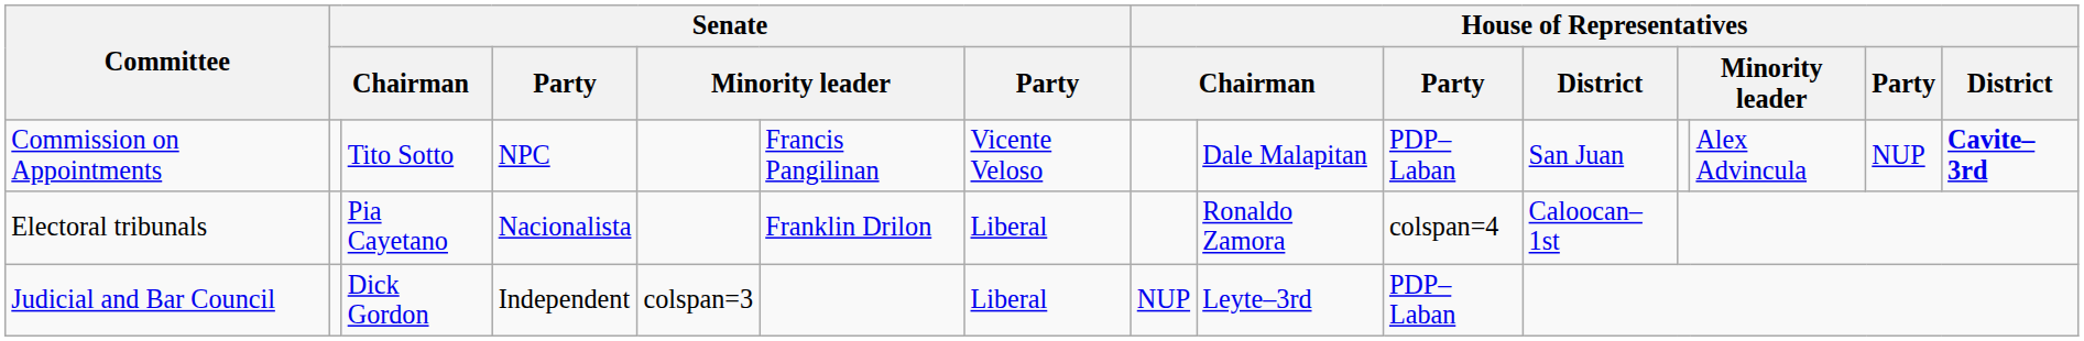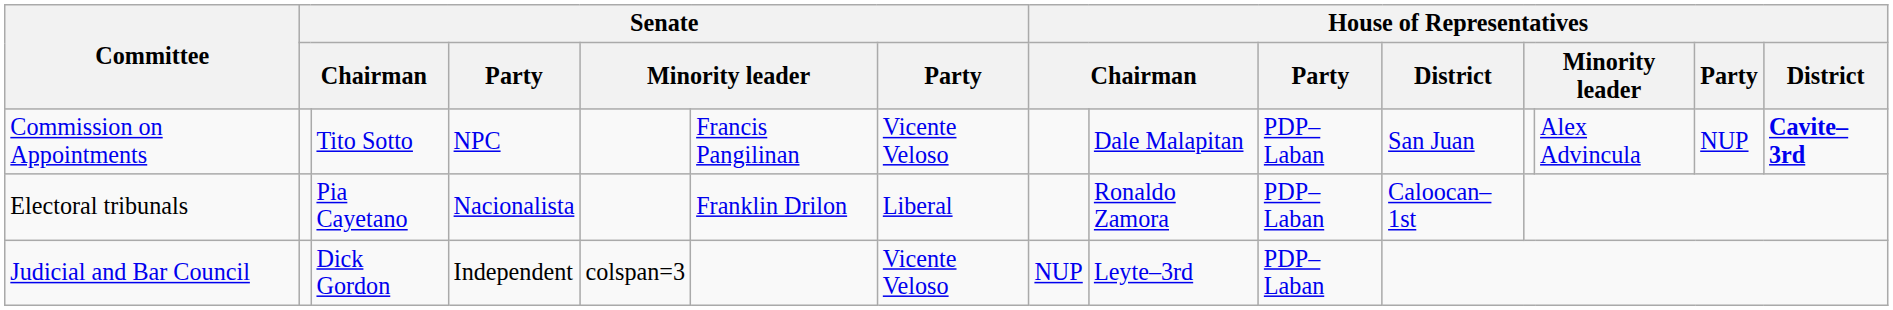 <table class=wikitable>
 <tr>
 <th rowspan=2>Committee</th>
 <th colspan=6>Senate</th>
 <th colspan=8>House of Representatives</th>
 </tr>
 <tr>
 <th colspan=2>Chairman</th>
 <th>Party</th>
 <th colspan=2>Minority leader</th>
 <th>Party</th>
 <th colspan=2>Chairman</th>
 <th>Party</th>
 <th>District</th>
 <th colspan=2>Minority leader</th>
 <th>Party</th>
 <th>District</th>
 </tr>
 <tr>
 <td><a href='#'>Commission on Appointments</a></td>
 <td></td>
 <td><a href='#'>Tito Sotto</a></td>
 <td><a href='#'>NPC</a></td>
 <td></td>
 <td><a href='#'>Francis Pangilinan</a></td>
 <td><a href='#'>Vicente Veloso</a></td>
 <td></td>
 <td><a href='#'>Dale Malapitan</a></td>
 <td><a href='#'>PDP–Laban</a></td>
 <td><a href='#'>San Juan</a></td>
 <td></td>
 <td><a href='#'>Alex Advincula</a></td>
 <td><a href='#'>NUP</a></td>
 <td><strong><a href='#'>Cavite–3rd</a></strong></td>
 </tr>
 <tr>
 <td>Electoral tribunals</td>
 <td></td>
 <td><a href='#'>Pia Cayetano</a></td>
 <td><a href='#'>Nacionalista</a></td>
 <td></td>
 <td><a href='#'>Franklin Drilon</a></td>
 <td><a href='#'>Liberal</a></td>
 <td></td>
 <td><a href='#'>Ronaldo Zamora</a></td>
-<td>colspan=4 </td>
+<td><a href='#'>PDP–Laban</a></td>
 <td><a href='#'>Caloocan–1st</a></td>
 <td colspan=4></td>
 </tr>
 <tr>
 <td><a href='#'>Judicial and Bar Council</a></td>
 <td></td>
 <td><a href='#'>Dick Gordon</a></td>
 <td>Independent</td>
 <td>colspan=3 </td>
 <td></td>
-<td><a href='#'>Liberal</a></td>
+<td><a href='#'>Vicente Veloso</a></td>
 <td><a href='#'>NUP</a></td>
 <td><a href='#'>Leyte–3rd</a></td>
 <td><a href='#'>PDP–Laban</a></td>
 </tr>
 </table>
